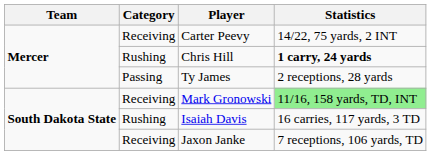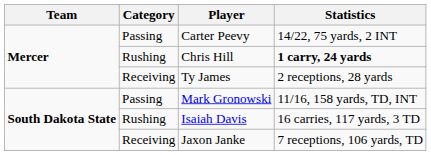 <table class="wikitable" style="float: left;">
 <tr>
 <th>Team</th>
 <th>Category</th>
 <th>Player</th>
 <th>Statistics</th>
 </tr>
 <tr>
 <td rowspan=3><strong>Mercer</strong></td>
-<td>Receiving</td>
+<td>Passing</td>
 <td>Carter Peevy</td>
 <td>14/22, 75 yards, 2 INT</td>
 </tr>
 <tr>
 <td>Rushing</td>
 <td>Chris Hill</td>
 <td><strong>1 carry, 24 yards</strong></td>
 </tr>
 <tr>
-<td>Passing</td>
+<td>Receiving</td>
 <td>Ty James</td>
 <td>2 receptions, 28 yards</td>
 </tr>
 <tr>
 <td rowspan=3><strong>South Dakota State</strong></td>
-<td>Receiving</td>
+<td>Passing</td>
 <td><a href='#'>Mark Gronowski</a></td>
-<td style="background: lightgreen;">11/16, 158 yards, TD, INT</td>
+<td>11/16, 158 yards, TD, INT</td>
 </tr>
 <tr>
 <td>Rushing</td>
 <td><a href='#'>Isaiah Davis</a></td>
 <td>16 carries, 117 yards, 3 TD</td>
 </tr>
 <tr>
 <td>Receiving</td>
 <td>Jaxon Janke</td>
 <td>7 receptions, 106 yards, TD</td>
 </tr>
 </table>
